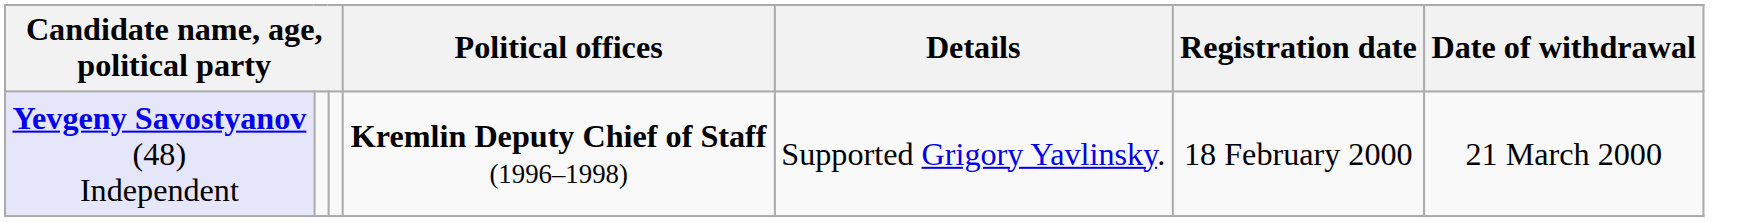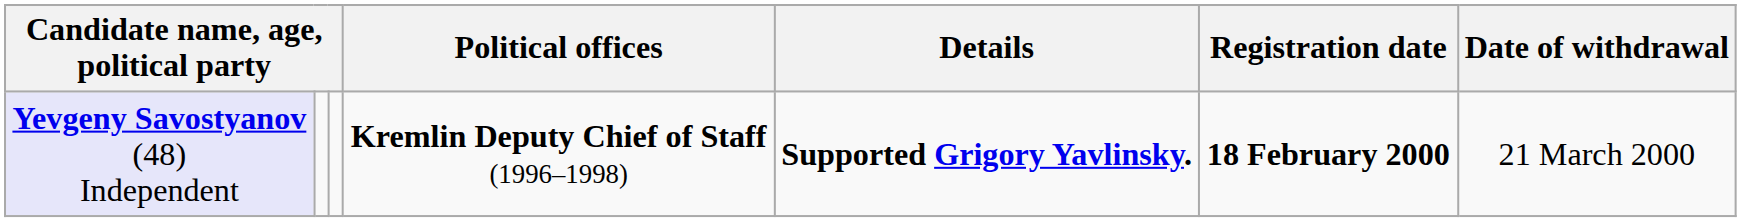 <table class="wikitable" style="text-align:center;">
 <tr>
 <th colspan="3">Candidate name, age,<br>political party</th>
 <th>Political offices</th>
 <th>Details</th>
 <th>Registration date</th>
 <th>Date of withdrawal</th>
 </tr>
 <tr>
 <td style="background:lavender;"><strong><a href='#'>Yevgeny Savostyanov</a></strong><br>(48)<br>Independent</td>
 <td></td>
 <td style="background-color:"></td>
 <td><strong>Kremlin Deputy Chief of Staff</strong><br><small>(1996–1998)</small></td>
-<td>Supported <a href='#'>Grigory Yavlinsky</a>.</td>
-<td>18 February 2000</td>
+<td><strong>Supported <a href='#'>Grigory Yavlinsky</a>.</strong></td>
+<td><strong>18 February 2000</strong></td>
 <td>21 March 2000</td>
 </tr>
 </table>
